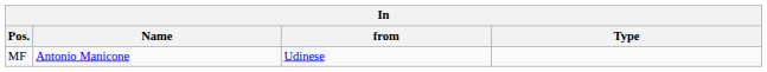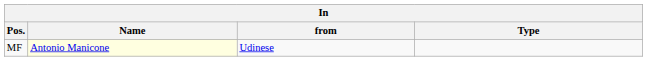 <table class="wikitable" style="font-size:90%;width:99%;">
 <tr>
 <th colspan="4">In</th>
 </tr>
 <tr>
 <th width=3%>Pos.</th>
 <th width=33%>Name</th>
 <th width=28%>from</th>
 <th width=36%>Type</th>
 </tr>
 <tr>
 <td>MF</td>
-<td><a href='#'>Antonio Manicone</a></td>
+<td style="background: lightyellow;"><a href='#'>Antonio Manicone</a></td>
 <td><a href='#'>Udinese</a></td>
 <td></td>
 </tr>
 </table>
